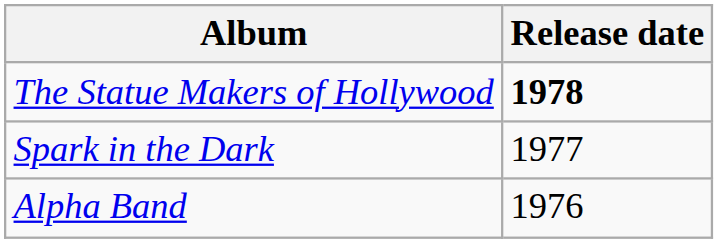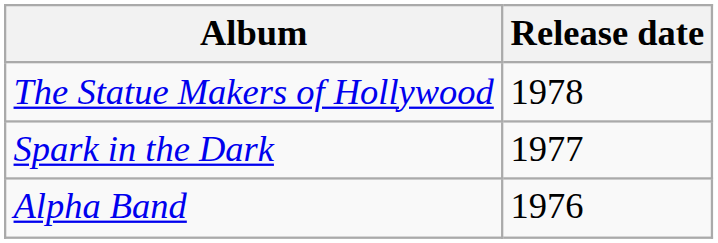 <table class="wikitable sortable">
 <tr>
 <th>Album</th>
 <th>Release date</th>
 </tr>
 <tr>
 <td><em><a href='#'>The Statue Makers of Hollywood</a></em></td>
-<td><strong>1978</strong></td>
+<td>1978</td>
 </tr>
 <tr>
 <td><em><a href='#'>Spark in the Dark</a></em></td>
 <td>1977</td>
 </tr>
 <tr>
 <td><em><a href='#'>Alpha Band</a></em></td>
 <td>1976</td>
 </tr>
 </table>
